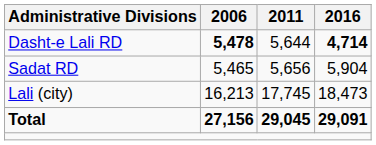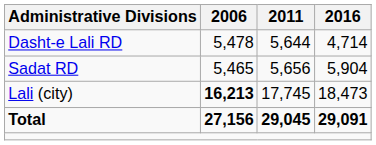 <table class="wikitable">
 <tr>
 <th>Administrative Divisions</th>
 <th>2006</th>
 <th>2011</th>
 <th>2016</th>
 </tr>
 <tr>
 <td><a href='#'>Dasht-e Lali RD</a></td>
-<td style="text-align: right;"><strong>5,478</strong></td>
+<td style="text-align: right;">5,478</td>
 <td style="text-align: right;">5,644</td>
-<td style="text-align: right;"><strong>4,714</strong></td>
+<td style="text-align: right;">4,714</td>
 </tr>
 <tr>
 <td><a href='#'>Sadat RD</a></td>
 <td style="text-align: right;">5,465</td>
 <td style="text-align: right;">5,656</td>
 <td style="text-align: right;">5,904</td>
 </tr>
 <tr>
 <td><a href='#'>Lali</a> (city)</td>
-<td style="text-align: right;">16,213</td>
+<td style="text-align: right;"><strong>16,213</strong></td>
 <td style="text-align: right;">17,745</td>
 <td style="text-align: right;">18,473</td>
 </tr>
 <tr>
 <td><strong>Total</strong></td>
 <td style="text-align: right;"><strong>27,156</strong></td>
 <td style="text-align: right;"><strong>29,045</strong></td>
 <td style="text-align: right;"><strong>29,091</strong></td>
 </tr>
 <tr>
 <td colspan=4></td>
 </tr>
 </table>
